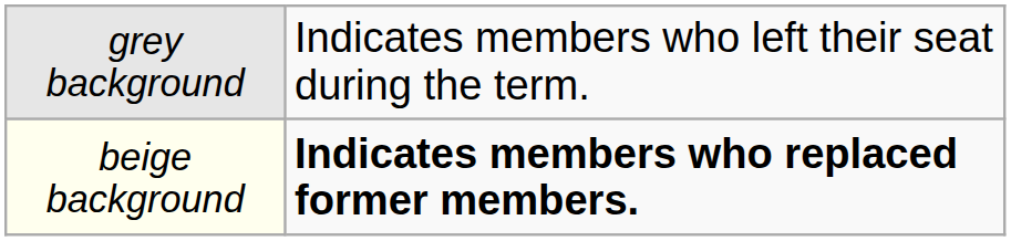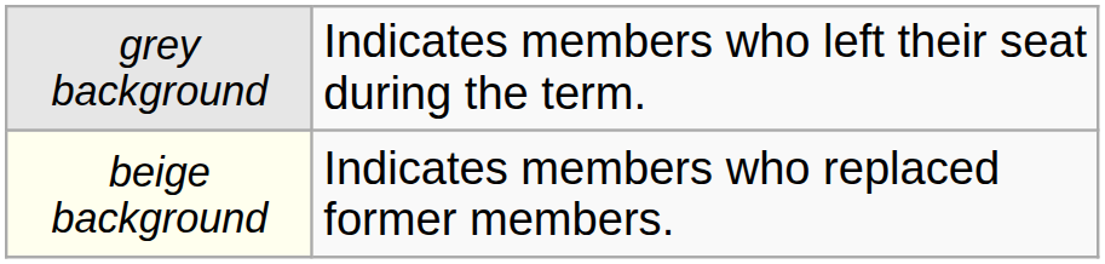 <table class="wikitable" style="width: 380px;">
 <tr>
 <td style="font-size: 90%; text-align: center; background: #E6E6E6;"><em>grey background</em></td>
 <td>Indicates members who left their seat during the term.</td>
 </tr>
 <tr>
 <td style="font-size: 90%; text-align: center; background: #FFE;"><em>beige background</em></td>
-<td><strong>Indicates members who replaced former members.</strong></td>
+<td>Indicates members who replaced former members.</td>
 </tr>
 </table>
